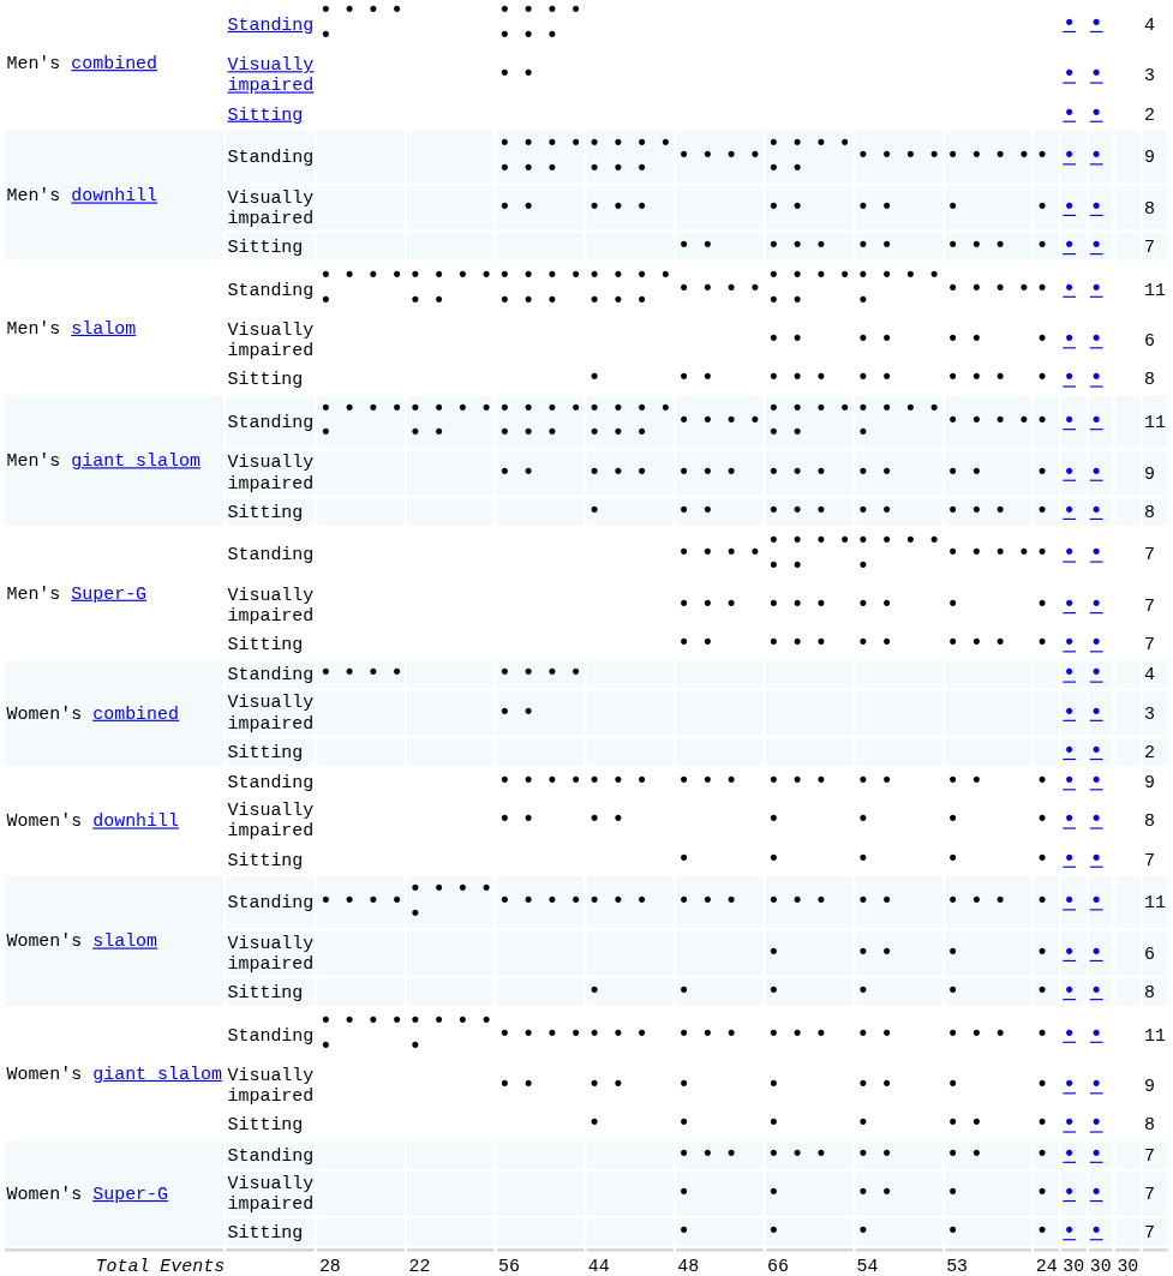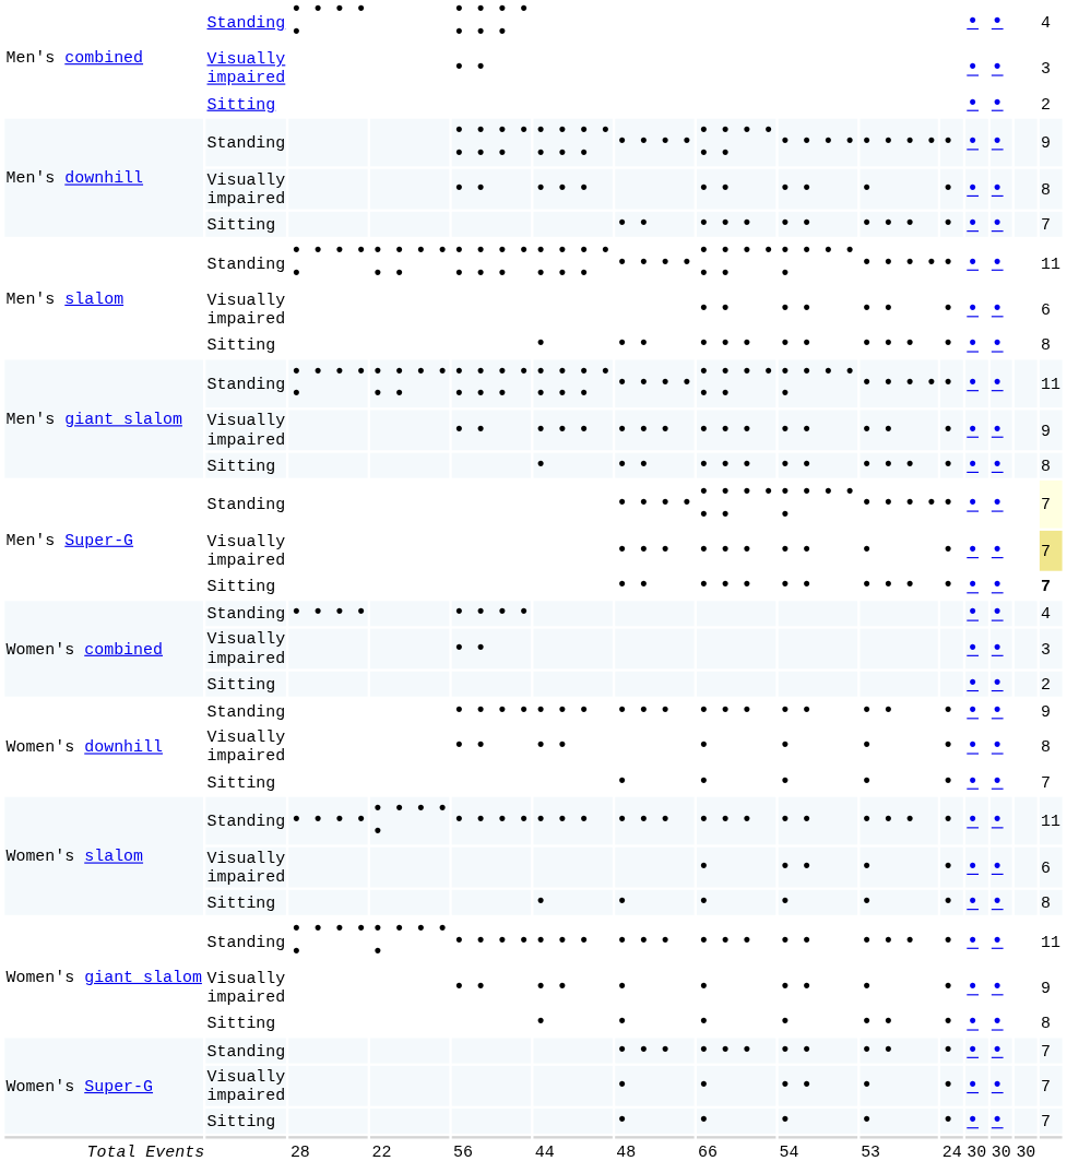 <table>
 <tr>
 <td align=left rowspan="3">Men's <a href='#'>combined</a></td>
 <td><a href='#'>Standing</a></td>
 <td><big><strong>•</strong></big> <big><strong>•</strong></big> <big><strong>•</strong></big> <big><strong>•</strong></big><br><big><strong>•</strong></big></td>
 <td></td>
 <td><big><strong>•</strong></big> <big><strong>•</strong></big> <big><strong>•</strong></big> <big><strong>•</strong></big><br><big><strong>•</strong></big> <big><strong>•</strong></big> <big><strong>•</strong></big></td>
 <td></td>
 <td></td>
 <td></td>
 <td></td>
 <td></td>
 <td></td>
 <td><big><strong><a href='#'>•</a></strong></big></td>
 <td><big><strong><a href='#'>•</a></strong></big></td>
 <td></td>
 <td>4</td>
 </tr>
 <tr>
 <td align=centre><a href='#'>Visually</a> <br><a href='#'>impaired</a></td>
 <td></td>
 <td></td>
 <td><big><strong>•</strong></big> <big><strong>•</strong></big></td>
 <td></td>
 <td></td>
 <td></td>
 <td></td>
 <td></td>
 <td></td>
 <td><big><strong><a href='#'>•</a></strong></big></td>
 <td><big><strong><a href='#'>•</a></strong></big></td>
 <td></td>
 <td>3</td>
 </tr>
 <tr>
 <td align=centre><a href='#'>Sitting</a></td>
 <td></td>
 <td></td>
 <td></td>
 <td></td>
 <td></td>
 <td></td>
 <td></td>
 <td></td>
 <td></td>
 <td><big><strong><a href='#'>•</a></strong></big></td>
 <td><big><strong><a href='#'>•</a></strong></big></td>
 <td></td>
 <td>2</td>
 </tr>
 <tr bgcolor="#F4F9FC">
 <td align=left rowspan="3">Men's <a href='#'>downhill</a></td>
 <td>Standing</td>
 <td></td>
 <td></td>
 <td><big><strong>•</strong></big> <big><strong>•</strong></big> <big><strong>•</strong></big> <big><strong>•</strong></big><br><big><strong>•</strong></big> <big><strong>•</strong></big> <big><strong>•</strong></big></td>
 <td><big><strong>•</strong></big> <big><strong>•</strong></big> <big><strong>•</strong></big> <big><strong>•</strong></big><br><big><strong>•</strong></big> <big><strong>•</strong></big> <big><strong>•</strong></big></td>
 <td><big><strong>•</strong></big> <big><strong>•</strong></big> <big><strong>•</strong></big> <big><strong>•</strong></big></td>
 <td><big><strong>•</strong></big> <big><strong>•</strong></big> <big><strong>•</strong></big> <big><strong>•</strong></big><br><big><strong>•</strong></big> <big><strong>•</strong></big></td>
 <td><big><strong>•</strong></big> <big><strong>•</strong></big> <big><strong>•</strong></big> <big><strong>•</strong></big></td>
 <td><big><strong>•</strong></big> <big><strong>•</strong></big> <big><strong>•</strong></big> <big><strong>•</strong></big></td>
 <td><big><strong>•</strong></big></td>
 <td><big><strong><a href='#'>•</a></strong></big></td>
 <td><big><strong><a href='#'>•</a></strong></big></td>
 <td></td>
 <td>9</td>
 </tr>
 <tr bgcolor="#F4F9FC">
 <td align=left>Visually <br>impaired</td>
 <td></td>
 <td></td>
 <td><big><strong>•</strong></big> <big><strong>•</strong></big></td>
 <td><big><strong>•</strong></big> <big><strong>•</strong></big> <big><strong>•</strong></big></td>
 <td></td>
 <td><big><strong>•</strong></big> <big><strong>•</strong></big></td>
 <td><big><strong>•</strong></big> <big><strong>•</strong></big></td>
 <td><big><strong>•</strong></big></td>
 <td><big><strong>•</strong></big></td>
 <td><big><strong><a href='#'>•</a></strong></big></td>
 <td><big><strong><a href='#'>•</a></strong></big></td>
 <td></td>
 <td>8</td>
 </tr>
 <tr bgcolor="#F4F9FC">
 <td align=left>Sitting</td>
 <td></td>
 <td></td>
 <td></td>
 <td></td>
 <td><big><strong>•</strong></big> <big><strong>•</strong></big></td>
 <td><big><strong>•</strong></big> <big><strong>•</strong></big> <big><strong>•</strong></big></td>
 <td><big><strong>•</strong></big> <big><strong>•</strong></big></td>
 <td><big><strong>•</strong></big> <big><strong>•</strong></big> <big><strong>•</strong></big></td>
 <td><big><strong>•</strong></big></td>
 <td><big><strong><a href='#'>•</a></strong></big></td>
 <td><big><strong><a href='#'>•</a></strong></big></td>
 <td></td>
 <td>7</td>
 </tr>
 <tr>
 <td align=left rowspan="3">Men's <a href='#'>slalom</a></td>
 <td>Standing</td>
 <td><big><strong>•</strong></big> <big><strong>•</strong></big> <big><strong>•</strong></big> <big><strong>•</strong></big><br><big><strong>•</strong></big></td>
 <td><big><strong>•</strong></big> <big><strong>•</strong></big> <big><strong>•</strong></big> <big><strong>•</strong></big><br><big><strong>•</strong></big> <big><strong>•</strong></big></td>
 <td><big><strong>•</strong></big> <big><strong>•</strong></big> <big><strong>•</strong></big> <big><strong>•</strong></big><br><big><strong>•</strong></big> <big><strong>•</strong></big>  <big><strong>•</strong></big></td>
 <td><big><strong>•</strong></big> <big><strong>•</strong></big> <big><strong>•</strong></big> <big><strong>•</strong></big><br><big><strong>•</strong></big> <big><strong>•</strong></big> <big><strong>•</strong></big></td>
 <td><big><strong>•</strong></big> <big><strong>•</strong></big> <big><strong>•</strong></big> <big><strong>•</strong></big></td>
 <td><big><strong>•</strong></big> <big><strong>•</strong></big> <big><strong>•</strong></big> <big><strong>•</strong></big><br><big><strong>•</strong></big> <big><strong>•</strong></big></td>
 <td><big><strong>•</strong></big> <big><strong>•</strong></big> <big><strong>•</strong></big> <big><strong>•</strong></big><br><big><strong>•</strong></big></td>
 <td><big><strong>•</strong></big> <big><strong>•</strong></big> <big><strong>•</strong></big> <big><strong>•</strong></big></td>
 <td><big><strong>•</strong></big></td>
 <td><big><strong><a href='#'>•</a></strong></big></td>
 <td><big><strong><a href='#'>•</a></strong></big></td>
 <td></td>
 <td>11</td>
 </tr>
 <tr>
 <td align=left>Visually<br>impaired</td>
 <td></td>
 <td></td>
 <td></td>
 <td></td>
 <td></td>
 <td><big><strong>•</strong></big> <big><strong>•</strong></big></td>
 <td><big><strong>•</strong></big> <big><strong>•</strong></big></td>
 <td><big><strong>•</strong></big> <big><strong>•</strong></big></td>
 <td><big><strong>•</strong></big></td>
 <td><big><strong><a href='#'>•</a></strong></big></td>
 <td><big><strong><a href='#'>•</a></strong></big></td>
 <td></td>
 <td>6</td>
 </tr>
 <tr>
 <td align=left>Sitting</td>
 <td></td>
 <td></td>
 <td></td>
 <td><big><strong>•</strong></big></td>
 <td><big><strong>•</strong></big> <big><strong>•</strong></big></td>
 <td><big><strong>•</strong></big> <big><strong>•</strong></big> <big><strong>•</strong></big></td>
 <td><big><strong>•</strong></big> <big><strong>•</strong></big></td>
 <td><big><strong>•</strong></big> <big><strong>•</strong></big> <big><strong>•</strong></big></td>
 <td><big><strong>•</strong></big></td>
 <td><big><strong><a href='#'>•</a></strong></big></td>
 <td><big><strong><a href='#'>•</a></strong></big></td>
 <td></td>
 <td>8</td>
 </tr>
 <tr bgcolor="#F4F9FC">
 <td align=left rowspan="3">Men's <a href='#'>giant slalom</a></td>
 <td>Standing</td>
 <td><big><strong>•</strong></big> <big><strong>•</strong></big> <big><strong>•</strong></big> <big><strong>•</strong></big><br><big><strong>•</strong></big></td>
 <td><big><strong>•</strong></big> <big><strong>•</strong></big> <big><strong>•</strong></big> <big><strong>•</strong></big><br><big><strong>•</strong></big> <big><strong>•</strong></big></td>
 <td><big><strong>•</strong></big> <big><strong>•</strong></big> <big><strong>•</strong></big> <big><strong>•</strong></big><br><big><strong>•</strong></big> <big><strong>•</strong></big> <big><strong>•</strong></big></td>
 <td><big><strong>•</strong></big> <big><strong>•</strong></big> <big><strong>•</strong></big> <big><strong>•</strong></big><br><big><strong>•</strong></big> <big><strong>•</strong></big> <big><strong>•</strong></big></td>
 <td><big><strong>•</strong></big> <big><strong>•</strong></big> <big><strong>•</strong></big> <big><strong>•</strong></big></td>
 <td><big><strong>•</strong></big> <big><strong>•</strong></big> <big><strong>•</strong></big> <big><strong>•</strong></big><br><big><strong>•</strong></big> <big><strong>•</strong></big></td>
 <td><big><strong>•</strong></big> <big><strong>•</strong></big> <big><strong>•</strong></big> <big><strong>•</strong></big><br><big><strong>•</strong></big></td>
 <td><big><strong>•</strong></big> <big><strong>•</strong></big> <big><strong>•</strong></big> <big><strong>•</strong></big></td>
 <td><big><strong>•</strong></big></td>
 <td><big><strong><a href='#'>•</a></strong></big></td>
 <td><big><strong><a href='#'>•</a></strong></big></td>
 <td></td>
 <td>11</td>
 </tr>
 <tr bgcolor="#F4F9FC">
 <td align=left>Visually<br>impaired</td>
 <td></td>
 <td></td>
 <td><big><strong>•</strong></big> <big><strong>•</strong></big></td>
 <td><big><strong>•</strong></big> <big><strong>•</strong></big> <big><strong>•</strong></big></td>
 <td><big><strong>•</strong></big> <big><strong>•</strong></big> <big><strong>•</strong></big></td>
 <td><big><strong>•</strong></big> <big><strong>•</strong></big> <big><strong>•</strong></big></td>
 <td><big><strong>•</strong></big> <big><strong>•</strong></big></td>
 <td><big><strong>•</strong></big> <big><strong>•</strong></big></td>
 <td><big><strong>•</strong></big></td>
 <td><big><strong><a href='#'>•</a></strong></big></td>
 <td><big><strong><a href='#'>•</a></strong></big></td>
 <td></td>
 <td>9</td>
 </tr>
 <tr bgcolor="#F4F9FC">
 <td align=left>Sitting</td>
 <td></td>
 <td></td>
 <td></td>
 <td><big><strong>•</strong></big></td>
 <td><big><strong>•</strong></big> <big><strong>•</strong></big></td>
 <td><big><strong>•</strong></big> <big><strong>•</strong></big> <big><strong>•</strong></big></td>
 <td><big><strong>•</strong></big> <big><strong>•</strong></big></td>
 <td><big><strong>•</strong></big> <big><strong>•</strong></big> <big><strong>•</strong></big></td>
 <td><big><strong>•</strong></big></td>
 <td><big><strong><a href='#'>•</a></strong></big></td>
 <td><big><strong><a href='#'>•</a></strong></big></td>
 <td></td>
 <td>8</td>
 </tr>
 <tr>
 <td align=left rowspan="3">Men's <a href='#'>Super-G</a></td>
 <td>Standing</td>
 <td></td>
 <td></td>
 <td></td>
 <td></td>
 <td><big><strong>•</strong></big> <big><strong>•</strong></big> <big><strong>•</strong></big> <big><strong>•</strong></big></td>
 <td><big><strong>•</strong></big> <big><strong>•</strong></big> <big><strong>•</strong></big> <big><strong>•</strong></big><br><big><strong>•</strong></big> <big><strong>•</strong></big></td>
 <td><big><strong>•</strong></big> <big><strong>•</strong></big> <big><strong>•</strong></big> <big><strong>•</strong></big><br><big><strong>•</strong></big></td>
 <td><big><strong>•</strong></big> <big><strong>•</strong></big> <big><strong>•</strong></big> <big><strong>•</strong></big></td>
 <td><big><strong>•</strong></big></td>
 <td><big><strong><a href='#'>•</a></strong></big></td>
 <td><big><strong><a href='#'>•</a></strong></big></td>
 <td></td>
-<td>7</td>
+<td style="background: lightyellow;">7</td>
 </tr>
 <tr>
 <td align=left>Visually<br>impaired</td>
 <td></td>
 <td></td>
 <td></td>
 <td></td>
 <td><big><strong>•</strong></big> <big><strong>•</strong></big> <big><strong>•</strong></big></td>
 <td><big><strong>•</strong></big> <big><strong>•</strong></big> <big><strong>•</strong></big></td>
 <td><big><strong>•</strong></big> <big><strong>•</strong></big></td>
 <td><big><strong>•</strong></big></td>
 <td><big><strong>•</strong></big></td>
 <td><big><strong><a href='#'>•</a></strong></big></td>
 <td><big><strong><a href='#'>•</a></strong></big></td>
 <td></td>
-<td>7</td>
+<td style="background: khaki;">7</td>
 </tr>
 <tr>
 <td align=left>Sitting</td>
 <td></td>
 <td></td>
 <td></td>
 <td></td>
 <td><big><strong>•</strong></big> <big><strong>•</strong></big></td>
 <td><big><strong>•</strong></big> <big><strong>•</strong></big> <big><strong>•</strong></big></td>
 <td><big><strong>•</strong></big> <big><strong>•</strong></big></td>
 <td><big><strong>•</strong></big> <big><strong>•</strong></big> <big><strong>•</strong></big></td>
 <td><big><strong>•</strong></big></td>
 <td><big><strong><a href='#'>•</a></strong></big></td>
 <td><big><strong><a href='#'>•</a></strong></big></td>
 <td></td>
-<td>7</td>
+<td><strong>7</strong></td>
 </tr>
 <tr bgcolor="#F4F9FC">
 <td align=left rowspan="3">Women's <a href='#'>combined</a></td>
 <td>Standing</td>
 <td><big><strong>•</strong></big> <big><strong>•</strong></big> <big><strong>•</strong></big> <big><strong>•</strong></big></td>
 <td></td>
 <td><big><strong>•</strong></big> <big><strong>•</strong></big> <big><strong>•</strong></big> <big><strong>•</strong></big></td>
 <td></td>
 <td></td>
 <td></td>
 <td></td>
 <td></td>
 <td></td>
 <td><big><strong><a href='#'>•</a></strong></big></td>
 <td><big><strong><a href='#'>•</a></strong></big></td>
 <td></td>
 <td>4</td>
 </tr>
 <tr bgcolor="#F4F9FC">
 <td align=left>Visually<br>impaired</td>
 <td></td>
 <td></td>
 <td><big><strong>•</strong></big> <big><strong>•</strong></big></td>
 <td></td>
 <td></td>
 <td></td>
 <td></td>
 <td></td>
 <td></td>
 <td><big><strong><a href='#'>•</a></strong></big></td>
 <td><big><strong><a href='#'>•</a></strong></big></td>
 <td></td>
 <td>3</td>
 </tr>
 <tr bgcolor="#F4F9FC">
 <td align=left>Sitting</td>
 <td></td>
 <td></td>
 <td></td>
 <td></td>
 <td></td>
 <td></td>
 <td></td>
 <td></td>
 <td></td>
 <td><big><strong><a href='#'>•</a></strong></big></td>
 <td><big><strong><a href='#'>•</a></strong></big></td>
 <td></td>
 <td>2</td>
 </tr>
 <tr>
 <td align=left rowspan="3">Women's <a href='#'>downhill</a></td>
 <td>Standing</td>
 <td></td>
 <td></td>
 <td><big><strong>•</strong></big> <big><strong>•</strong></big> <big><strong>•</strong></big> <big><strong>•</strong></big></td>
 <td><big><strong>•</strong></big> <big><strong>•</strong></big> <big><strong>•</strong></big></td>
 <td><big><strong>•</strong></big> <big><strong>•</strong></big> <big><strong>•</strong></big></td>
 <td><big><strong>•</strong></big> <big><strong>•</strong></big> <big><strong>•</strong></big></td>
 <td><big><strong>•</strong></big> <big><strong>•</strong></big></td>
 <td><big><strong>•</strong></big> <big><strong>•</strong></big></td>
 <td><big><strong>•</strong></big></td>
 <td><big><strong><a href='#'>•</a></strong></big></td>
 <td><big><strong><a href='#'>•</a></strong></big></td>
 <td></td>
 <td>9</td>
 </tr>
 <tr>
 <td align=left>Visually<br>impaired</td>
 <td></td>
 <td></td>
 <td><big><strong>•</strong></big> <big><strong>•</strong></big></td>
 <td><big><strong>•</strong></big> <big><strong>•</strong></big></td>
 <td></td>
 <td><big><strong>•</strong></big></td>
 <td><big><strong>•</strong></big></td>
 <td><big><strong>•</strong></big></td>
 <td><big><strong>•</strong></big></td>
 <td><big><strong><a href='#'>•</a></strong></big></td>
 <td><big><strong><a href='#'>•</a></strong></big></td>
 <td></td>
 <td>8</td>
 </tr>
 <tr>
 <td align=left>Sitting</td>
 <td></td>
 <td></td>
 <td></td>
 <td></td>
 <td><big><strong>•</strong></big></td>
 <td><big><strong>•</strong></big></td>
 <td><big><strong>•</strong></big></td>
 <td><big><strong>•</strong></big></td>
 <td><big><strong>•</strong></big></td>
 <td><big><strong><a href='#'>•</a></strong></big></td>
 <td><big><strong><a href='#'>•</a></strong></big></td>
 <td></td>
 <td>7</td>
 </tr>
 <tr bgcolor="#F4F9FC">
 <td align=left rowspan="3">Women's <a href='#'>slalom</a></td>
 <td>Standing</td>
 <td><big><strong>•</strong></big> <big><strong>•</strong></big> <big><strong>•</strong></big> <big><strong>•</strong></big></td>
 <td><big><strong>•</strong></big> <big><strong>•</strong></big> <big><strong>•</strong></big> <big><strong>•</strong></big><br><big><strong>•</strong></big></td>
 <td><big><strong>•</strong></big> <big><strong>•</strong></big> <big><strong>•</strong></big> <big><strong>•</strong></big></td>
 <td><big><strong>•</strong></big> <big><strong>•</strong></big> <big><strong>•</strong></big></td>
 <td><big><strong>•</strong></big> <big><strong>•</strong></big> <big><strong>•</strong></big></td>
 <td><big><strong>•</strong></big> <big><strong>•</strong></big> <big><strong>•</strong></big></td>
 <td><big><strong>•</strong></big> <big><strong>•</strong></big></td>
 <td><big><strong>•</strong></big> <big><strong>•</strong></big> <big><strong>•</strong></big></td>
 <td><big><strong>•</strong></big></td>
 <td><big><strong><a href='#'>•</a></strong></big></td>
 <td><big><strong><a href='#'>•</a></strong></big></td>
 <td></td>
 <td>11</td>
 </tr>
 <tr bgcolor="#F4F9FC">
 <td align=left>Visually<br>impaired</td>
 <td></td>
 <td></td>
 <td></td>
 <td></td>
 <td></td>
 <td><big><strong>•</strong></big></td>
 <td><big><strong>•</strong></big> <big><strong>•</strong></big></td>
 <td><big><strong>•</strong></big></td>
 <td><big><strong>•</strong></big></td>
 <td><big><strong><a href='#'>•</a></strong></big></td>
 <td><big><strong><a href='#'>•</a></strong></big></td>
 <td></td>
 <td>6</td>
 </tr>
 <tr bgcolor="#F4F9FC">
 <td align=left>Sitting</td>
 <td></td>
 <td></td>
 <td></td>
 <td><big><strong>•</strong></big></td>
 <td><big><strong>•</strong></big></td>
 <td><big><strong>•</strong></big></td>
 <td><big><strong>•</strong></big></td>
 <td><big><strong>•</strong></big></td>
 <td><big><strong>•</strong></big></td>
 <td><big><strong><a href='#'>•</a></strong></big></td>
 <td><big><strong><a href='#'>•</a></strong></big></td>
 <td></td>
 <td>8</td>
 </tr>
 <tr>
 <td align=left rowspan="3">Women's <a href='#'>giant slalom</a></td>
 <td>Standing</td>
 <td><big><strong>•</strong></big> <big><strong>•</strong></big> <big><strong>•</strong></big> <big><strong>•</strong></big><br><big><strong>•</strong></big></td>
 <td><big><strong>•</strong></big> <big><strong>•</strong></big> <big><strong>•</strong></big> <big><strong>•</strong></big><br><big><strong>•</strong></big></td>
 <td><big><strong>•</strong></big> <big><strong>•</strong></big> <big><strong>•</strong></big> <big><strong>•</strong></big></td>
 <td><big><strong>•</strong></big> <big><strong>•</strong></big> <big><strong>•</strong></big></td>
 <td><big><strong>•</strong></big> <big><strong>•</strong></big> <big><strong>•</strong></big></td>
 <td><big><strong>•</strong></big> <big><strong>•</strong></big> <big><strong>•</strong></big></td>
 <td><big><strong>•</strong></big> <big><strong>•</strong></big></td>
 <td><big><strong>•</strong></big> <big><strong>•</strong></big> <big><strong>•</strong></big></td>
 <td><big><strong>•</strong></big></td>
 <td><big><strong><a href='#'>•</a></strong></big></td>
 <td><big><strong><a href='#'>•</a></strong></big></td>
 <td></td>
 <td>11</td>
 </tr>
 <tr>
 <td align=left>Visually<br>impaired</td>
 <td></td>
 <td></td>
 <td><big><strong>•</strong></big> <big><strong>•</strong></big></td>
 <td><big><strong>•</strong></big> <big><strong>•</strong></big></td>
 <td><big><strong>•</strong></big></td>
 <td><big><strong>•</strong></big></td>
 <td><big><strong>•</strong></big> <big><strong>•</strong></big></td>
 <td><big><strong>•</strong></big></td>
 <td><big><strong>•</strong></big></td>
 <td><big><strong><a href='#'>•</a></strong></big></td>
 <td><big><strong><a href='#'>•</a></strong></big></td>
 <td></td>
 <td>9</td>
 </tr>
 <tr>
 <td align=left>Sitting</td>
 <td></td>
 <td></td>
 <td></td>
 <td><big><strong>•</strong></big></td>
 <td><big><strong>•</strong></big></td>
 <td><big><strong>•</strong></big></td>
 <td><big><strong>•</strong></big></td>
 <td><big><strong>•</strong></big> <big><strong>•</strong></big></td>
 <td><big><strong>•</strong></big></td>
 <td><big><strong><a href='#'>•</a></strong></big></td>
 <td><big><strong><a href='#'>•</a></strong></big></td>
 <td></td>
 <td>8</td>
 </tr>
 <tr bgcolor="#F4F9FC">
 <td align=left rowspan="3">Women's <a href='#'>Super-G</a></td>
 <td>Standing</td>
 <td></td>
 <td></td>
 <td></td>
 <td></td>
 <td><big><strong>•</strong></big> <big><strong>•</strong></big> <big><strong>•</strong></big></td>
 <td><big><strong>•</strong></big> <big><strong>•</strong></big> <big><strong>•</strong></big></td>
 <td><big><strong>•</strong></big> <big><strong>•</strong></big></td>
 <td><big><strong>•</strong></big> <big><strong>•</strong></big></td>
 <td><big><strong>•</strong></big></td>
 <td><big><strong><a href='#'>•</a></strong></big></td>
 <td><big><strong><a href='#'>•</a></strong></big></td>
 <td></td>
 <td>7</td>
 </tr>
 <tr bgcolor="#F4F9FC">
 <td align=left>Visually<br>impaired</td>
 <td></td>
 <td></td>
 <td></td>
 <td></td>
 <td><big><strong>•</strong></big></td>
 <td><big><strong>•</strong></big></td>
 <td><big><strong>•</strong></big> <big><strong>•</strong></big></td>
 <td><big><strong>•</strong></big></td>
 <td><big><strong>•</strong></big></td>
 <td><big><strong><a href='#'>•</a></strong></big></td>
 <td><big><strong><a href='#'>•</a></strong></big></td>
 <td></td>
 <td>7</td>
 </tr>
 <tr bgcolor="#F4F9FC">
 <td align=left>Sitting</td>
 <td></td>
 <td></td>
 <td></td>
 <td></td>
 <td><big><strong>•</strong></big></td>
 <td><big><strong>•</strong></big></td>
 <td><big><strong>•</strong></big></td>
 <td><big><strong>•</strong></big></td>
 <td><big><strong>•</strong></big></td>
 <td><big><strong><a href='#'>•</a></strong></big></td>
 <td><big><strong><a href='#'>•</a></strong></big></td>
 <td></td>
 <td>7</td>
 </tr>
 <tr bgcolor=lightgray>
 <td></td>
 <td></td>
 <td></td>
 <td></td>
 <td></td>
 <td></td>
 <td></td>
 <td></td>
 <td></td>
 <td></td>
 <td></td>
 <td></td>
 <td></td>
 <td></td>
 <td></td>
 </tr>
 <tr>
 <td align=center colspan="2"><em>Total Events</em></td>
 <td>28</td>
 <td>22</td>
 <td>56</td>
 <td>44</td>
 <td>48</td>
 <td>66</td>
 <td>54</td>
 <td>53</td>
 <td>24</td>
 <td>30</td>
 <td>30</td>
 <td>30</td>
 <td></td>
 </tr>
 </table>
